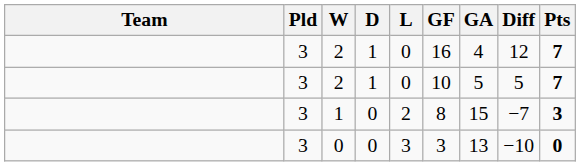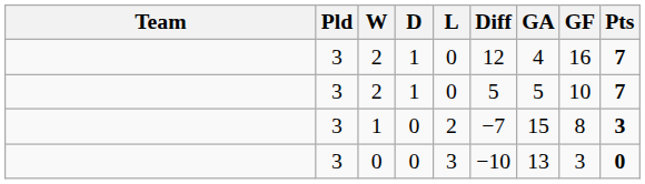 <table class="wikitable" style="text-align: center;">
 <tr>
 <th width=220>Team</th>
 <th width=20>Pld</th>
 <th width=20>W</th>
 <th width=20>D</th>
 <th width=20>L</th>
+<th width=20>Diff</th>
+<th width=20>GA</th>
 <th width=20>GF</th>
-<th width=20>GA</th>
-<th width=20>Diff</th>
 <th width=20>Pts</th>
 </tr>
 <tr>
 <td align="left"></td>
 <td>3</td>
 <td>2</td>
 <td>1</td>
 <td>0</td>
+<td>12</td>
+<td>4</td>
 <td>16</td>
-<td>4</td>
-<td>12</td>
 <td><strong>7</strong></td>
 </tr>
 <tr>
 <td align="left"></td>
 <td>3</td>
 <td>2</td>
 <td>1</td>
 <td>0</td>
-<td>10</td>
 <td>5</td>
 <td>5</td>
+<td>10</td>
 <td><strong>7</strong></td>
 </tr>
 <tr>
 <td align="left"></td>
 <td>3</td>
 <td>1</td>
 <td>0</td>
 <td>2</td>
+<td>−7</td>
+<td>15</td>
 <td>8</td>
-<td>15</td>
-<td>−7</td>
 <td><strong>3</strong></td>
 </tr>
 <tr>
 <td align="left"></td>
 <td>3</td>
 <td>0</td>
 <td>0</td>
 <td>3</td>
+<td>−10</td>
+<td>13</td>
 <td>3</td>
-<td>13</td>
-<td>−10</td>
 <td><strong>0</strong></td>
 </tr>
 </table>
